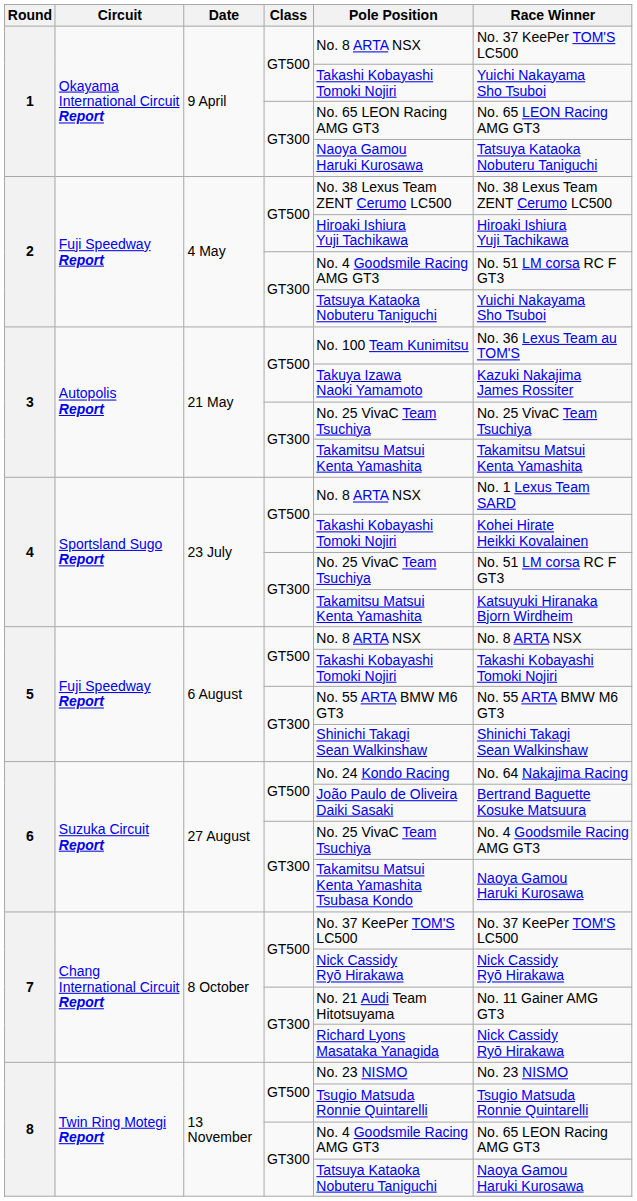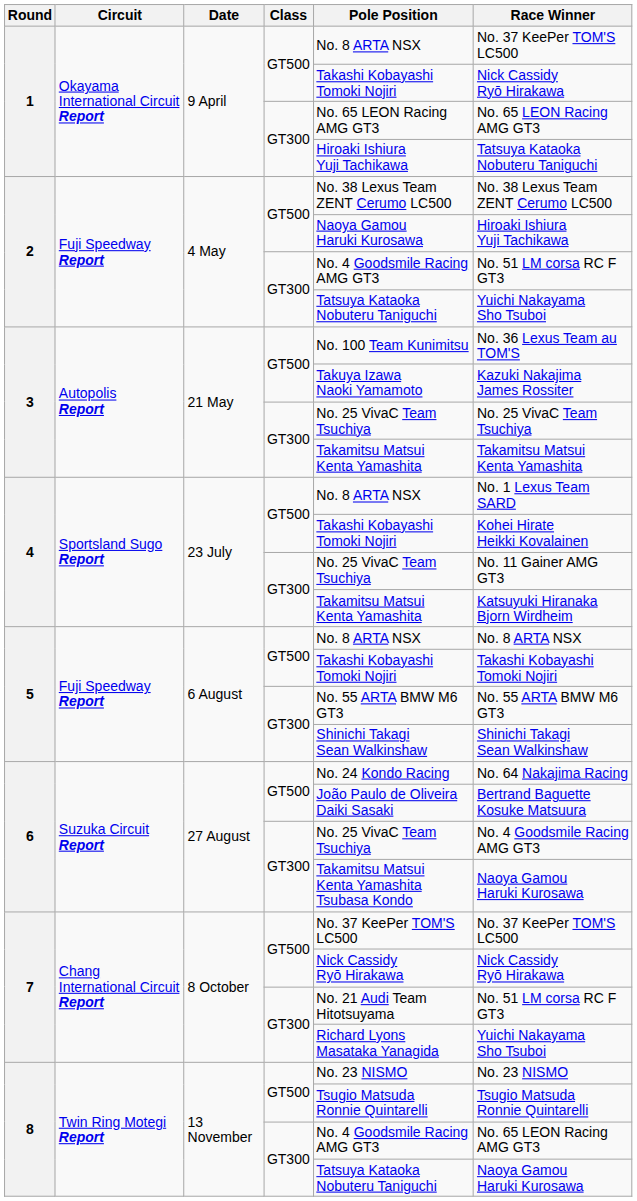 <table class="wikitable" style="font-size: 85%;">
 <tr>
 <th>Round</th>
 <th>Circuit</th>
 <th>Date</th>
 <th>Class</th>
 <th>Pole Position</th>
 <th>Race Winner</th>
 </tr>
 <tr>
 <th rowspan=4>1</th>
 <td rowspan=4> <a href='#'>Okayama International Circuit</a><br><strong><em><a href='#'>Report</a></em></strong></td>
 <td rowspan=4>9 April</td>
 <td align=center rowspan=2>GT500</td>
 <td>No. 8 <a href='#'>ARTA</a> NSX</td>
 <td>No. 37 KeePer <a href='#'>TOM'S</a> LC500</td>
 </tr>
 <tr>
 <td> <a href='#'>Takashi Kobayashi</a><br> <a href='#'>Tomoki Nojiri</a></td>
-<td> <a href='#'>Yuichi Nakayama</a><br> <a href='#'>Sho Tsuboi</a></td>
+<td> <a href='#'>Nick Cassidy</a><br> <a href='#'>Ryō Hirakawa</a></td>
 </tr>
 <tr>
 <td align=center rowspan=2>GT300</td>
 <td>No. 65 LEON Racing AMG GT3</td>
 <td>No. 65 <a href='#'>LEON Racing</a> AMG GT3</td>
 </tr>
 <tr>
-<td> <a href='#'>Naoya Gamou</a><br> <a href='#'>Haruki Kurosawa</a></td>
+<td> <a href='#'>Hiroaki Ishiura</a><br> <a href='#'>Yuji Tachikawa</a></td>
 <td> <a href='#'>Tatsuya Kataoka</a><br> <a href='#'>Nobuteru Taniguchi</a></td>
 </tr>
 <tr>
 <th rowspan=4>2</th>
 <td rowspan=4> <a href='#'>Fuji Speedway</a><br><strong><em><a href='#'>Report</a></em></strong></td>
 <td rowspan=4>4 May</td>
 <td align=center rowspan=2>GT500</td>
 <td>No. 38 Lexus Team ZENT <a href='#'>Cerumo</a> LC500</td>
 <td>No. 38 Lexus Team ZENT <a href='#'>Cerumo</a> LC500</td>
 </tr>
 <tr>
-<td> <a href='#'>Hiroaki Ishiura</a><br> <a href='#'>Yuji Tachikawa</a></td>
+<td> <a href='#'>Naoya Gamou</a><br> <a href='#'>Haruki Kurosawa</a></td>
 <td> <a href='#'>Hiroaki Ishiura</a><br> <a href='#'>Yuji Tachikawa</a></td>
 </tr>
 <tr>
 <td align=center rowspan=2>GT300</td>
 <td>No. 4 <a href='#'>Goodsmile Racing</a> AMG GT3</td>
 <td>No. 51 <a href='#'>LM corsa</a> RC F GT3</td>
 </tr>
 <tr>
 <td> <a href='#'>Tatsuya Kataoka</a><br> <a href='#'>Nobuteru Taniguchi</a></td>
 <td> <a href='#'>Yuichi Nakayama</a><br> <a href='#'>Sho Tsuboi</a></td>
 </tr>
 <tr>
 <th rowspan=4>3</th>
 <td rowspan=4> <a href='#'>Autopolis</a><br><strong><em><a href='#'>Report</a></em></strong></td>
 <td rowspan=4>21 May</td>
 <td align=center rowspan=2>GT500</td>
 <td>No. 100 <a href='#'>Team Kunimitsu</a></td>
 <td>No. 36 <a href='#'>Lexus Team au TOM'S</a></td>
 </tr>
 <tr>
 <td> <a href='#'>Takuya Izawa</a><br> <a href='#'>Naoki Yamamoto</a></td>
 <td> <a href='#'>Kazuki Nakajima</a><br> <a href='#'>James Rossiter</a></td>
 </tr>
 <tr>
 <td align=center rowspan=2>GT300</td>
 <td>No. 25 VivaC <a href='#'>Team Tsuchiya</a></td>
 <td>No. 25 VivaC <a href='#'>Team Tsuchiya</a></td>
 </tr>
 <tr>
 <td> <a href='#'>Takamitsu Matsui</a><br> <a href='#'>Kenta Yamashita</a></td>
 <td> <a href='#'>Takamitsu Matsui</a><br> <a href='#'>Kenta Yamashita</a></td>
 </tr>
 <tr>
 <th rowspan=4>4</th>
 <td rowspan=4> <a href='#'>Sportsland Sugo</a><br><strong><em><a href='#'>Report</a></em></strong></td>
 <td rowspan=4>23 July</td>
 <td align=center rowspan=2>GT500</td>
 <td>No. 8 <a href='#'>ARTA</a> NSX</td>
 <td>No. 1 <a href='#'>Lexus Team SARD</a></td>
 </tr>
 <tr>
 <td> <a href='#'>Takashi Kobayashi</a><br> <a href='#'>Tomoki Nojiri</a></td>
 <td> <a href='#'>Kohei Hirate</a><br> <a href='#'>Heikki Kovalainen</a></td>
 </tr>
 <tr>
 <td align=center rowspan=2>GT300</td>
 <td>No. 25 VivaC <a href='#'>Team Tsuchiya</a></td>
-<td>No. 51 <a href='#'>LM corsa</a> RC F GT3</td>
+<td>No. 11 Gainer AMG GT3</td>
 </tr>
 <tr>
 <td> <a href='#'>Takamitsu Matsui</a><br> <a href='#'>Kenta Yamashita</a></td>
 <td> <a href='#'>Katsuyuki Hiranaka</a><br> <a href='#'>Bjorn Wirdheim</a></td>
 </tr>
 <tr>
 <th rowspan=4>5</th>
 <td rowspan=4> <a href='#'>Fuji Speedway</a><br><strong><em><a href='#'>Report</a></em></strong></td>
 <td rowspan=4>6 August</td>
 <td align=center rowspan=2>GT500</td>
 <td>No. 8 <a href='#'>ARTA</a> NSX</td>
 <td>No. 8 <a href='#'>ARTA</a> NSX</td>
 </tr>
 <tr>
 <td> <a href='#'>Takashi Kobayashi</a><br> <a href='#'>Tomoki Nojiri</a></td>
 <td> <a href='#'>Takashi Kobayashi</a><br> <a href='#'>Tomoki Nojiri</a></td>
 </tr>
 <tr>
 <td align=center rowspan=2>GT300</td>
 <td>No. 55 <a href='#'>ARTA</a> BMW M6 GT3</td>
 <td>No. 55 <a href='#'>ARTA</a> BMW M6 GT3</td>
 </tr>
 <tr>
 <td> <a href='#'>Shinichi Takagi</a><br> <a href='#'>Sean Walkinshaw</a></td>
 <td> <a href='#'>Shinichi Takagi</a><br> <a href='#'>Sean Walkinshaw</a></td>
 </tr>
 <tr>
 <th rowspan=4>6</th>
 <td rowspan=4> <a href='#'>Suzuka Circuit</a><br><strong><em><a href='#'>Report</a></em></strong></td>
 <td rowspan=4>27 August</td>
 <td align=center rowspan=2>GT500</td>
 <td>No. 24 <a href='#'>Kondo Racing</a></td>
 <td>No. 64 <a href='#'>Nakajima Racing</a></td>
 </tr>
 <tr>
 <td> <a href='#'>João Paulo de Oliveira</a><br> <a href='#'>Daiki Sasaki</a></td>
 <td> <a href='#'>Bertrand Baguette</a><br> <a href='#'>Kosuke Matsuura</a></td>
 </tr>
 <tr>
 <td align=center rowspan=2>GT300</td>
 <td>No. 25 VivaC <a href='#'>Team Tsuchiya</a></td>
 <td>No. 4 <a href='#'>Goodsmile Racing</a> AMG GT3</td>
 </tr>
 <tr>
 <td> <a href='#'>Takamitsu Matsui</a><br> <a href='#'>Kenta Yamashita</a><br> <a href='#'>Tsubasa Kondo</a></td>
 <td> <a href='#'>Naoya Gamou</a><br> <a href='#'>Haruki Kurosawa</a></td>
 </tr>
 <tr>
 <th rowspan=4>7</th>
 <td rowspan=4> <a href='#'>Chang International Circuit</a><br><strong><em><a href='#'>Report</a></em></strong></td>
 <td rowspan=4>8 October</td>
 <td align=center rowspan=2>GT500</td>
 <td>No. 37 KeePer <a href='#'>TOM'S</a> LC500</td>
 <td>No. 37 KeePer <a href='#'>TOM'S</a> LC500</td>
 </tr>
 <tr>
 <td> <a href='#'>Nick Cassidy</a><br> <a href='#'>Ryō Hirakawa</a></td>
 <td> <a href='#'>Nick Cassidy</a><br> <a href='#'>Ryō Hirakawa</a></td>
 </tr>
 <tr>
 <td align=center rowspan=2>GT300</td>
 <td>No. 21 <a href='#'>Audi</a> Team Hitotsuyama</td>
-<td>No. 11 Gainer AMG GT3</td>
+<td>No. 51 <a href='#'>LM corsa</a> RC F GT3</td>
 </tr>
 <tr>
 <td> <a href='#'>Richard Lyons</a><br> <a href='#'>Masataka Yanagida</a></td>
-<td> <a href='#'>Nick Cassidy</a><br> <a href='#'>Ryō Hirakawa</a></td>
+<td> <a href='#'>Yuichi Nakayama</a><br> <a href='#'>Sho Tsuboi</a></td>
 </tr>
 <tr>
 <th rowspan=4>8</th>
 <td rowspan=4> <a href='#'>Twin Ring Motegi</a><br><strong><em><a href='#'>Report</a></em></strong></td>
 <td rowspan=4>13 November</td>
 <td align=center rowspan=2>GT500</td>
 <td>No. 23 <a href='#'>NISMO</a></td>
 <td>No. 23 <a href='#'>NISMO</a></td>
 </tr>
 <tr>
 <td> <a href='#'>Tsugio Matsuda</a><br> <a href='#'>Ronnie Quintarelli</a></td>
 <td> <a href='#'>Tsugio Matsuda</a><br> <a href='#'>Ronnie Quintarelli</a></td>
 </tr>
 <tr>
 <td align=center rowspan=2>GT300</td>
 <td>No. 4 <a href='#'>Goodsmile Racing</a> AMG GT3</td>
 <td>No. 65 LEON Racing AMG GT3</td>
 </tr>
 <tr>
 <td> <a href='#'>Tatsuya Kataoka</a><br> <a href='#'>Nobuteru Taniguchi</a></td>
 <td> <a href='#'>Naoya Gamou</a><br> <a href='#'>Haruki Kurosawa</a></td>
 </tr>
 </table>
